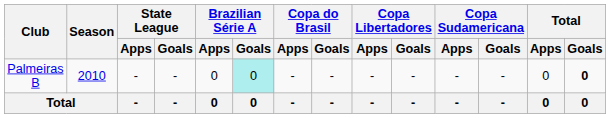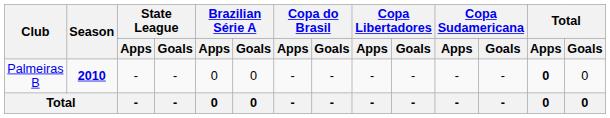 <table class="wikitable" style="text-align: center;">
 <tr>
 <th rowspan="2">Club</th>
 <th rowspan="2">Season</th>
 <th colspan="2">State League</th>
 <th colspan="2"><a href='#'>Brazilian Série A</a></th>
 <th colspan="2"><a href='#'>Copa do Brasil</a></th>
 <th colspan="2"><a href='#'>Copa Libertadores</a></th>
 <th colspan="2"><a href='#'>Copa Sudamericana</a></th>
 <th colspan="2">Total</th>
 </tr>
 <tr>
 <th>Apps</th>
 <th>Goals</th>
 <th>Apps</th>
 <th>Goals</th>
 <th>Apps</th>
 <th>Goals</th>
 <th>Apps</th>
 <th>Goals</th>
 <th>Apps</th>
 <th>Goals</th>
 <th>Apps</th>
 <th>Goals</th>
 </tr>
 <tr>
 <td rowspan="1" valign="center"><a href='#'>Palmeiras B</a></td>
-<td><a href='#'>2010</a></td>
+<td><strong><a href='#'>2010</a></strong></td>
 <td>-</td>
 <td>-</td>
 <td>0</td>
-<td style="background: paleturquoise;">0</td>
+<td>0</td>
 <td>-</td>
 <td>-</td>
 <td>-</td>
 <td>-</td>
 <td>-</td>
 <td>-</td>
+<td><strong>0</strong></td>
 <td>0</td>
-<td><strong>0</strong></td>
 </tr>
 <tr>
 <th colspan="2"><strong>Total</strong></th>
 <th>-</th>
 <th>-</th>
 <th>0</th>
 <th>0</th>
 <th>-</th>
 <th>-</th>
 <th>-</th>
 <th>-</th>
 <th>-</th>
 <th>-</th>
 <th>0</th>
 <th>0</th>
 </tr>
 </table>
